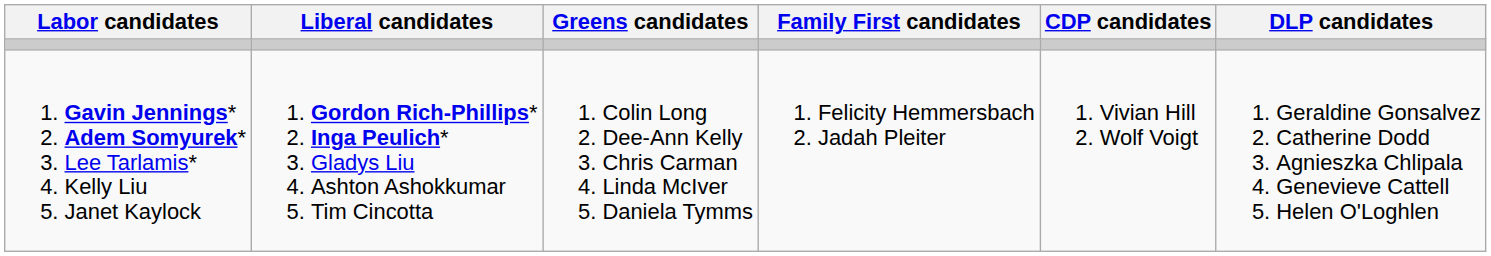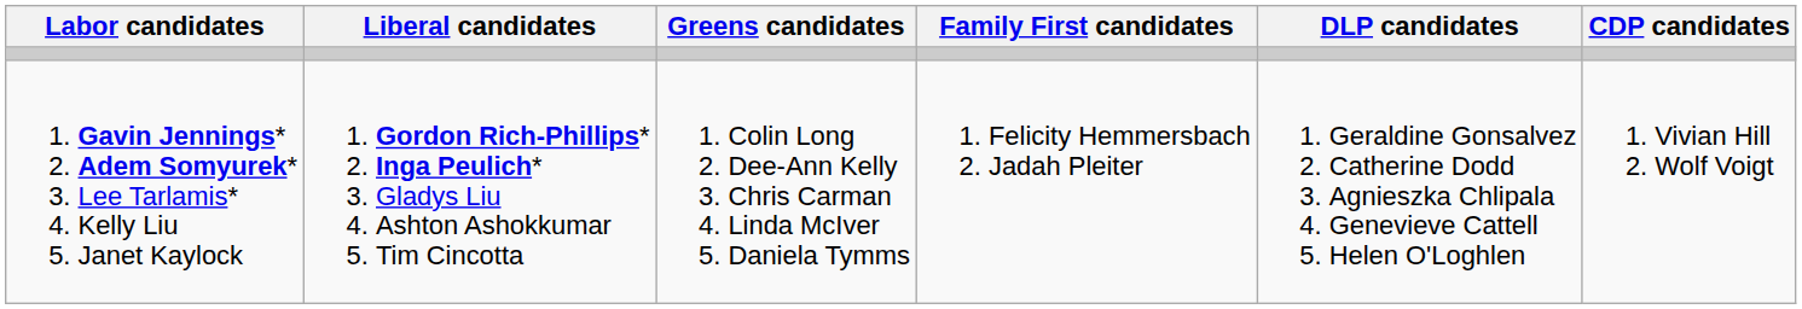 <table class="wikitable">
 <tr>
 <th><a href='#'>Labor</a> candidates</th>
 <th><a href='#'>Liberal</a> candidates</th>
 <th><a href='#'>Greens</a> candidates</th>
 <th><a href='#'>Family First</a> candidates</th>
+<th><a href='#'>DLP</a> candidates</th>
 <th><a href='#'>CDP</a> candidates</th>
-<th><a href='#'>DLP</a> candidates</th>
 </tr>
 <tr bgcolor="#cccccc">
 <td></td>
 <td></td>
 <td></td>
 <td></td>
 <td></td>
 <td></td>
 </tr>
 <tr>
 <td><br><ol><li><strong><a href='#'>Gavin Jennings</a></strong>*</li><li><strong><a href='#'>Adem Somyurek</a></strong>*</li><li><a href='#'>Lee Tarlamis</a>*</li><li>Kelly Liu</li><li>Janet Kaylock</li></ol></td>
 <td><br><ol><li><strong><a href='#'>Gordon Rich-Phillips</a></strong>*</li><li><strong><a href='#'>Inga Peulich</a></strong>*</li><li><a href='#'>Gladys Liu</a></li><li>Ashton Ashokkumar</li><li>Tim Cincotta</li></ol></td>
 <td valign=top><br><ol><li>Colin Long</li><li>Dee-Ann Kelly</li><li>Chris Carman</li><li>Linda McIver</li><li>Daniela Tymms</li></ol></td>
 <td valign=top><br><ol><li>Felicity Hemmersbach</li><li>Jadah Pleiter</li></ol></td>
+<td valign=top><br><ol><li>Geraldine Gonsalvez</li><li>Catherine Dodd</li><li>Agnieszka Chlipala</li><li>Genevieve Cattell</li><li>Helen O'Loghlen</li></ol></td>
 <td valign=top><br><ol><li>Vivian Hill</li><li>Wolf Voigt</li></ol></td>
-<td valign=top><br><ol><li>Geraldine Gonsalvez</li><li>Catherine Dodd</li><li>Agnieszka Chlipala</li><li>Genevieve Cattell</li><li>Helen O'Loghlen</li></ol></td>
 </tr>
 </table>
